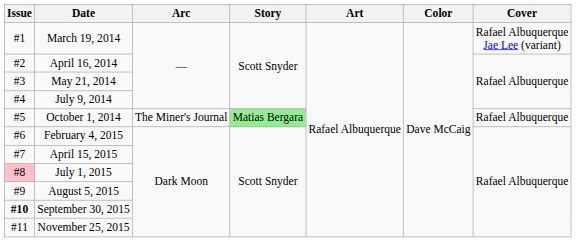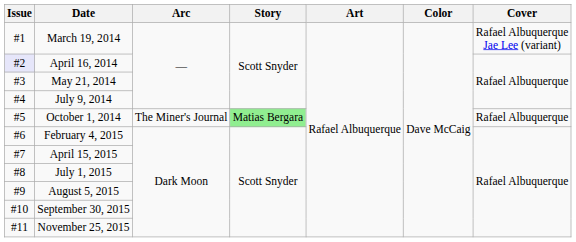 <table class="wikitable" style="text-align: center">
 <tr>
 <th>Issue</th>
 <th>Date</th>
 <th>Arc</th>
 <th>Story</th>
 <th>Art</th>
 <th>Color</th>
 <th>Cover</th>
 </tr>
 <tr>
 <td>#1</td>
 <td>March 19, 2014</td>
 <td rowspan="4">—</td>
 <td rowspan="4">Scott Snyder</td>
 <td rowspan="11">Rafael Albuquerque</td>
 <td rowspan="11">Dave McCaig</td>
 <td>Rafael Albuquerque <br> <a href='#'>Jae Lee</a> (variant)</td>
 </tr>
 <tr>
-<td>#2</td>
+<td style="background: lavender;">#2</td>
 <td>April 16, 2014</td>
 <td rowspan="3">Rafael Albuquerque</td>
 </tr>
 <tr>
 <td>#3</td>
 <td>May 21, 2014</td>
 </tr>
 <tr>
 <td>#4</td>
 <td>July 9, 2014</td>
 </tr>
 <tr>
 <td>#5</td>
 <td>October 1, 2014</td>
 <td>The Miner's Journal</td>
 <td style="background: lightgreen;">Matias Bergara</td>
 <td>Rafael Albuquerque</td>
 </tr>
 <tr>
 <td>#6</td>
 <td>February 4, 2015</td>
 <td rowspan="6">Dark Moon</td>
 <td rowspan="6">Scott Snyder</td>
 <td rowspan="6">Rafael Albuquerque</td>
 </tr>
 <tr>
 <td>#7</td>
 <td>April 15, 2015</td>
 </tr>
 <tr>
-<td style="background: pink;">#8</td>
+<td>#8</td>
 <td>July 1, 2015</td>
 </tr>
 <tr>
 <td>#9</td>
 <td>August 5, 2015</td>
 </tr>
 <tr>
-<td><strong>#10</strong></td>
+<td>#10</td>
 <td>September 30, 2015</td>
 </tr>
 <tr>
 <td>#11</td>
 <td>November 25, 2015</td>
 </tr>
 </table>
